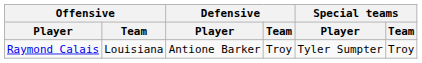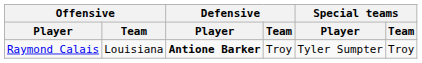 <table class="wikitable">
 <tr>
 <th colspan="2">Offensive</th>
 <th colspan="2">Defensive</th>
 <th colspan="2">Special teams</th>
 </tr>
 <tr>
 <th>Player</th>
 <th>Team</th>
 <th>Player</th>
 <th>Team</th>
 <th>Player</th>
 <th>Team</th>
 </tr>
 <tr>
 <td><a href='#'>Raymond Calais</a></td>
 <td>Louisiana</td>
-<td>Antione Barker</td>
+<td><strong>Antione Barker</strong></td>
 <td>Troy</td>
 <td>Tyler Sumpter</td>
 <td>Troy</td>
 </tr>
 </table>
